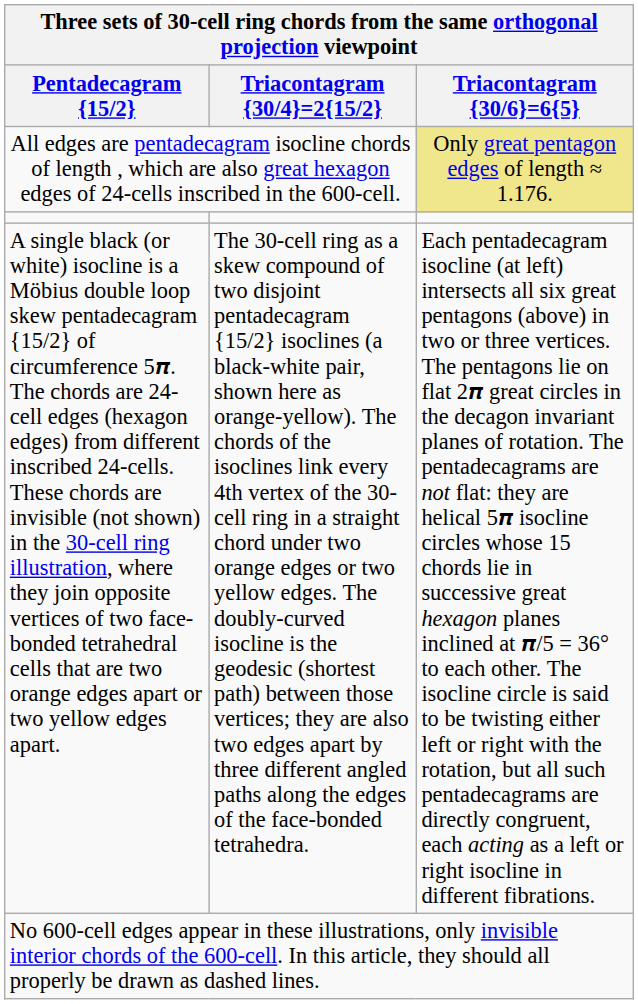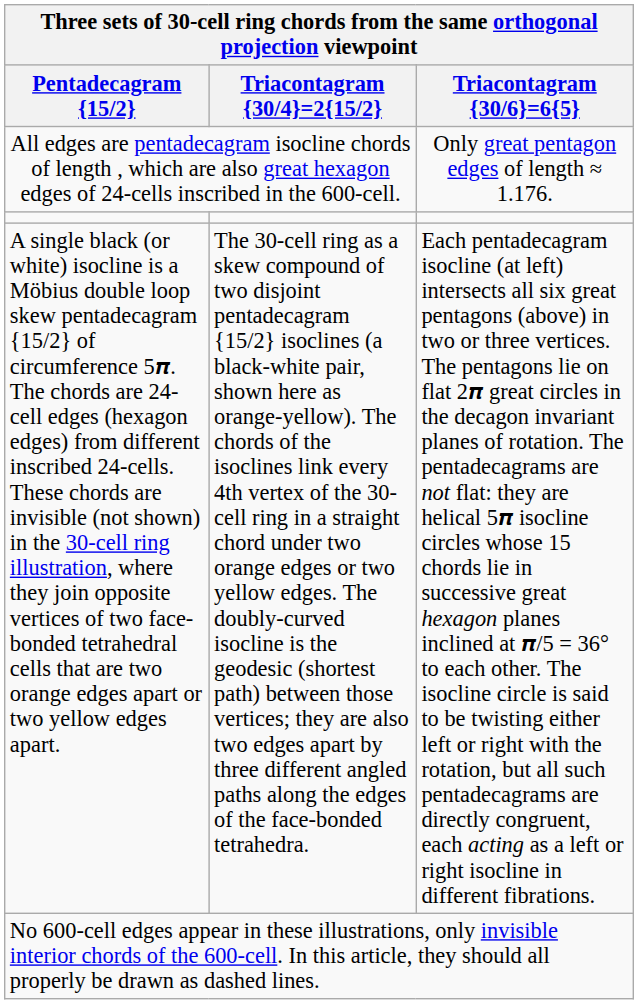 <table class="wikitable" width="450">
 <tr>
 <th colspan=4>Three sets of 30-cell ring chords from the same <a href='#'>orthogonal projection</a> viewpoint</th>
 </tr>
 <tr>
 <th><a href='#'>Pentadecagram {15/2}</a></th>
 <th><a href='#'>Triacontagram {30/4}=2{15/2}</a></th>
 <th><a href='#'>Triacontagram {30/6}=6{5}</a></th>
 </tr>
 <tr>
 <td colspan=2 align=center>All edges are <a href='#'>pentadecagram</a> isocline chords of length , which are also <a href='#'>great hexagon</a> edges of 24-cells inscribed in the 600-cell.</td>
-<td colspan=1 align=center style="background: khaki;">Only <a href='#'>great pentagon edges</a> of length  ≈ 1.176.</td>
+<td colspan=1 align=center>Only <a href='#'>great pentagon edges</a> of length  ≈ 1.176.</td>
 </tr>
 <tr>
 <td></td>
 <td></td>
 <td></td>
 </tr>
 <tr>
 <td valign=top>A single black (or white) isocline is a Möbius double loop skew pentadecagram {15/2} of circumference 5𝝅. The  chords are 24-cell edges (hexagon edges) from different inscribed 24-cells. These chords are invisible (not shown) in the <a href='#'>30-cell ring illustration</a>, where they join opposite vertices of two face-bonded tetrahedral cells that are two orange edges apart or two yellow edges apart.</td>
 <td valign=top>The 30-cell ring as a skew compound of two disjoint pentadecagram {15/2} isoclines (a black-white pair, shown here as orange-yellow). The  chords of the isoclines link every 4th vertex of the 30-cell ring in a straight chord under two orange edges or two yellow edges. The doubly-curved isocline is the geodesic (shortest path) between those vertices; they are also two edges apart by three different angled paths along the edges of the face-bonded tetrahedra.</td>
 <td valign=top>Each pentadecagram isocline (at left) intersects all six great pentagons (above) in two or three vertices. The pentagons lie on flat 2𝝅 great circles in the decagon invariant planes of rotation. The pentadecagrams are <em>not</em> flat: they are helical 5𝝅 isocline circles whose 15 chords lie in successive great <em>hexagon</em> planes inclined at 𝝅/5 = 36° to each other. The isocline circle is said to be twisting either left or right with the rotation, but all such pentadecagrams are directly congruent, each <em>acting</em> as a left or right isocline in different fibrations.</td>
 </tr>
 <tr>
 <td colspan=3>No 600-cell edges appear in these illustrations, only <a href='#'>invisible interior chords of the 600-cell</a>. In this article, they should all properly be drawn as dashed lines.</td>
 </tr>
 </table>
